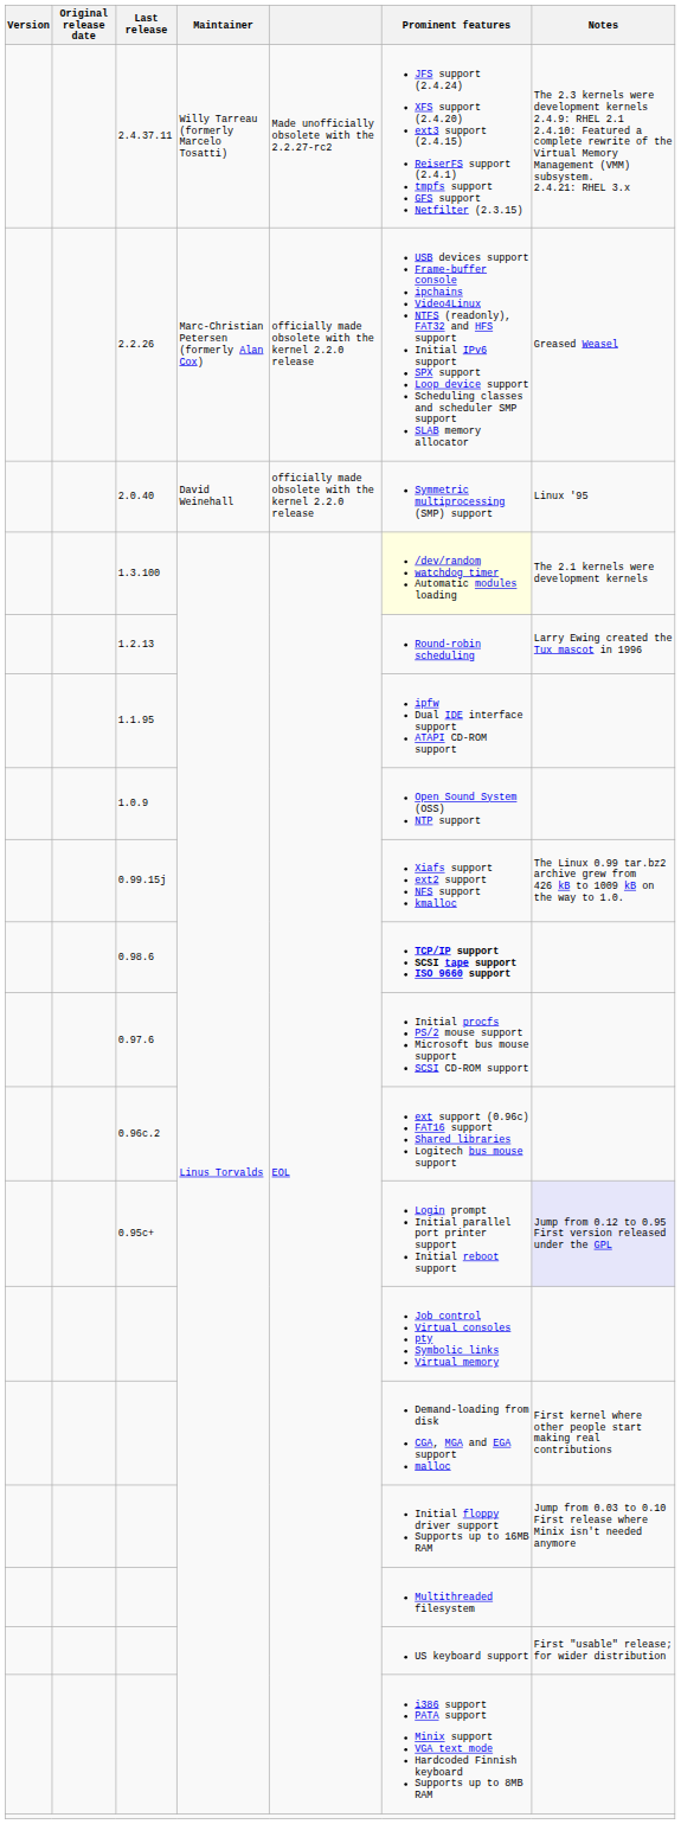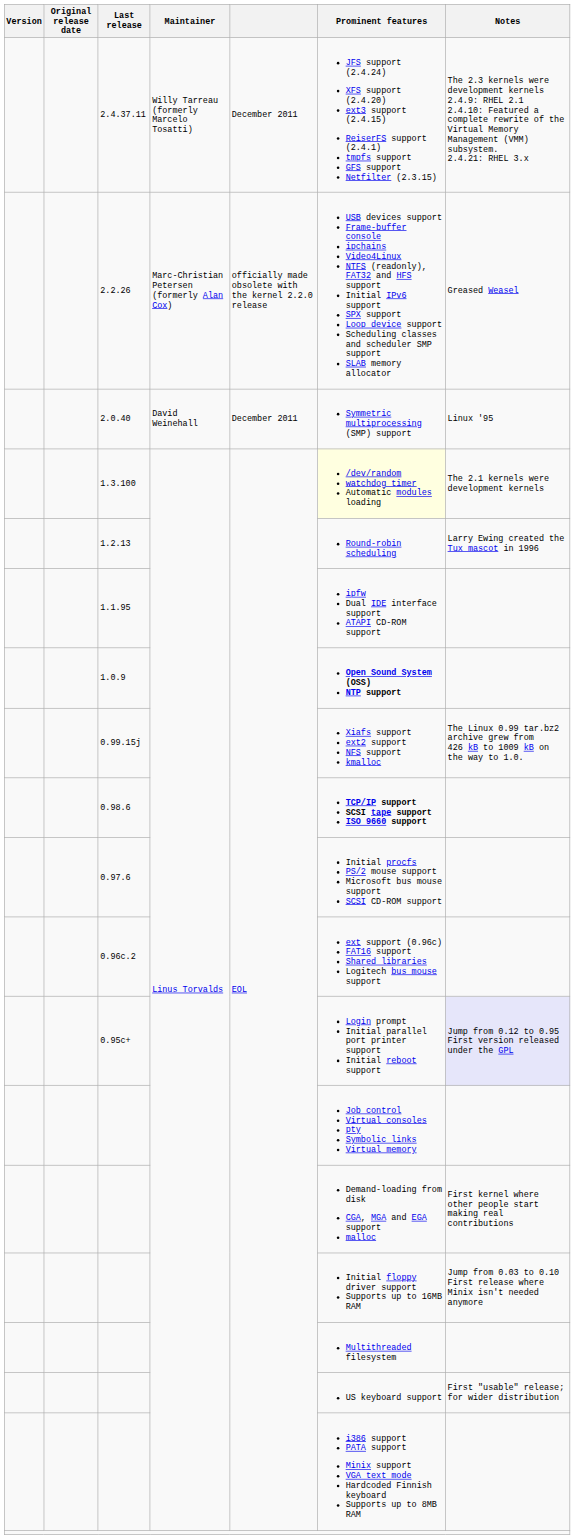 <table class="wikitable mw-collapsible">
 <tr>
 <th>Version</th>
 <th>Original release date</th>
 <th>Last release</th>
 <th>Maintainer</th>
 <th></th>
 <th>Prominent features</th>
 <th>Notes</th>
 </tr>
 <tr>
 <td></td>
 <td></td>
 <td>2.4.37.11</td>
 <td>Willy Tarreau (formerly Marcelo Tosatti)</td>
-<td>Made unofficially obsolete with the 2.2.27-rc2</td>
+<td>December 2011</td>
 <td><br><ul><li><a href='#'>JFS</a> support (2.4.24)</li></ul><ul><li><a href='#'>XFS</a> support (2.4.20)</li><li><a href='#'>ext3</a> support (2.4.15)</li></ul><ul><li><a href='#'>ReiserFS</a> support (2.4.1)</li><li><a href='#'>tmpfs</a> support</li><li><a href='#'>GFS</a> support</li><li><a href='#'>Netfilter</a> (2.3.15)</li></ul></td>
 <td><br>The 2.3 kernels were development kernels<br> 2.4.9: RHEL 2.1<br> 2.4.10: Featured a complete rewrite of the Virtual Memory Management (VMM) subsystem.<br> 2.4.21: RHEL 3.x</td>
 </tr>
 <tr>
 <td></td>
 <td></td>
 <td>2.2.26</td>
 <td>Marc-Christian Petersen (formerly <a href='#'>Alan Cox</a>)</td>
 <td>officially made obsolete with the kernel 2.2.0 release</td>
 <td><br><ul><li><a href='#'>USB</a> devices support</li><li><a href='#'>Frame-buffer console</a></li><li><a href='#'>ipchains</a></li><li><a href='#'>Video4Linux</a></li><li><a href='#'>NTFS</a> (readonly), <a href='#'>FAT32</a> and <a href='#'>HFS</a> support</li><li>Initial <a href='#'>IPv6</a> support</li><li><a href='#'>SPX</a> support</li><li><a href='#'>Loop device</a> support</li><li>Scheduling classes and scheduler SMP support</li><li><a href='#'>SLAB</a> memory allocator</li></ul></td>
 <td>Greased <a href='#'>Weasel</a></td>
 </tr>
 <tr>
 <td></td>
 <td></td>
 <td>2.0.40</td>
 <td>David Weinehall</td>
-<td>officially made obsolete with the kernel 2.2.0 release</td>
+<td>December 2011</td>
 <td><br><ul><li><a href='#'>Symmetric multiprocessing</a> (SMP) support</li></ul></td>
 <td>Linux '95</td>
 </tr>
 <tr>
 <td></td>
 <td></td>
 <td>1.3.100</td>
 <td rowspan="15"><a href='#'>Linus Torvalds</a></td>
 <td rowspan="15"><a href='#'>EOL</a></td>
 <td style="background: lightyellow;"><br><ul><li><a href='#'>/dev/random</a></li><li><a href='#'>watchdog timer</a></li><li>Automatic <a href='#'>modules</a> loading</li></ul></td>
 <td>The 2.1 kernels were development kernels</td>
 </tr>
 <tr>
 <td></td>
 <td></td>
 <td>1.2.13</td>
 <td><br><ul><li><a href='#'>Round-robin scheduling</a></li></ul></td>
 <td>Larry Ewing created the <a href='#'>Tux mascot</a>  in 1996</td>
 </tr>
 <tr>
 <td></td>
 <td></td>
 <td>1.1.95</td>
 <td><br><ul><li><a href='#'>ipfw</a></li><li>Dual <a href='#'>IDE</a> interface support</li><li><a href='#'>ATAPI</a> CD-ROM support</li></ul></td>
 <td></td>
 </tr>
 <tr>
 <td></td>
 <td></td>
 <td>1.0.9</td>
-<td><br><ul><li><a href='#'>Open Sound System</a> (OSS)</li><li><a href='#'>NTP</a> support</li></ul></td>
+<td><strong><br><ul><li><a href='#'>Open Sound System</a> (OSS)</li><li><a href='#'>NTP</a> support</li></ul></strong></td>
 <td></td>
 </tr>
 <tr>
 <td></td>
 <td></td>
 <td>0.99.15j</td>
 <td><br><ul><li><a href='#'>Xiafs</a> support</li><li><a href='#'>ext2</a> support</li><li><a href='#'>NFS</a> support</li><li><a href='#'>kmalloc</a></li></ul></td>
 <td>The Linux 0.99 tar.bz2 archive grew from 426 <a href='#'>kB</a> to 1009 <a href='#'>kB</a> on the way to 1.0.</td>
 </tr>
 <tr>
 <td></td>
 <td></td>
 <td>0.98.6</td>
 <td><strong><br><ul><li><a href='#'>TCP/IP</a> support</li><li>SCSI <a href='#'>tape</a> support</li><li><a href='#'>ISO 9660</a> support</li></ul></strong></td>
 <td></td>
 </tr>
 <tr>
 <td></td>
 <td></td>
 <td>0.97.6</td>
 <td><br><ul><li>Initial <a href='#'>procfs</a></li><li><a href='#'>PS/2</a> mouse support</li><li>Microsoft bus mouse support</li><li><a href='#'>SCSI</a> CD-ROM support</li></ul></td>
 <td></td>
 </tr>
 <tr>
 <td></td>
 <td></td>
 <td>0.96c.2</td>
 <td><br><ul><li><a href='#'>ext</a> support (0.96c)</li><li><a href='#'>FAT16</a> support</li><li><a href='#'>Shared libraries</a></li><li>Logitech <a href='#'>bus mouse</a> support</li></ul></td>
 <td></td>
 </tr>
 <tr>
 <td></td>
 <td></td>
 <td>0.95c+</td>
 <td><br><ul><li><a href='#'>Login</a> prompt</li><li>Initial parallel port printer support</li><li>Initial <a href='#'>reboot</a> support</li></ul></td>
 <td style="background: lavender;">Jump from 0.12 to 0.95<br>First version released under the <a href='#'>GPL</a></td>
 </tr>
 <tr>
 <td></td>
 <td></td>
 <td></td>
 <td><br><ul><li><a href='#'>Job control</a></li><li><a href='#'>Virtual consoles</a></li><li><a href='#'>pty</a></li><li><a href='#'>Symbolic links</a></li><li><a href='#'>Virtual memory</a></li></ul></td>
 <td></td>
 </tr>
 <tr>
 <td></td>
 <td></td>
 <td></td>
 <td><br><ul><li>Demand-loading from disk</li></ul><ul><li><a href='#'>CGA</a>, <a href='#'>MGA</a> and <a href='#'>EGA</a> support</li><li><a href='#'>malloc</a></li></ul></td>
 <td>First kernel where other people start making real contributions</td>
 </tr>
 <tr>
 <td></td>
 <td></td>
 <td></td>
 <td><br><ul><li>Initial <a href='#'>floppy</a> driver support</li><li>Supports up to 16MB RAM</li></ul></td>
 <td>Jump from 0.03 to 0.10<br>First release where Minix isn't needed anymore</td>
 </tr>
 <tr>
 <td></td>
 <td></td>
 <td></td>
 <td><br><ul><li><a href='#'>Multithreaded</a> filesystem</li></ul></td>
 <td></td>
 </tr>
 <tr>
 <td></td>
 <td></td>
 <td></td>
 <td><br><ul><li>US keyboard support</li></ul></td>
 <td>First "usable" release; for wider distribution</td>
 </tr>
 <tr>
 <td></td>
 <td></td>
 <td></td>
 <td><br><ul><li><a href='#'>i386</a> support</li><li><a href='#'>PATA</a> support</li></ul><ul><li><a href='#'>Minix</a> support</li><li><a href='#'>VGA text mode</a></li><li>Hardcoded Finnish keyboard</li><li>Supports up to 8MB RAM</li></ul></td>
 <td></td>
 </tr>
 <tr>
 <td colspan="7"><small></small></td>
 </tr>
 </table>
